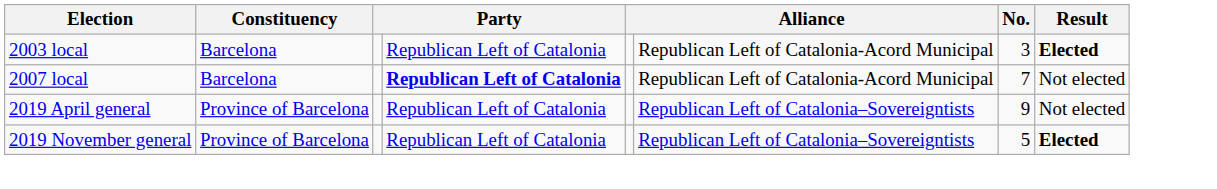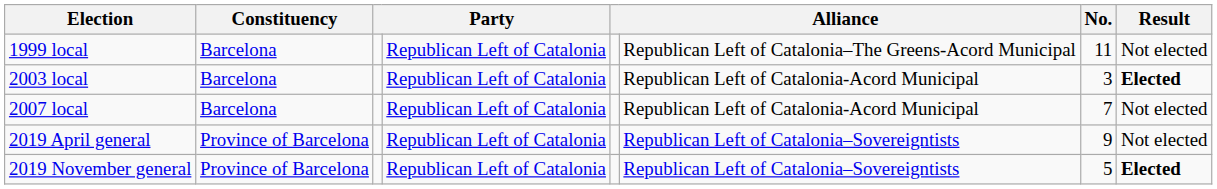 <table class="wikitable" style="text-align:left;">
 <tr>
 <th scope=col>Election</th>
 <th scope=col>Constituency</th>
 <th scope=col colspan="2">Party</th>
 <th scope=col colspan="2">Alliance</th>
 <th scope=col>No.</th>
 <th scope=col>Result</th>
+</tr>
+<tr>
+<td><a href='#'>1999 local</a></td>
+<td><a href='#'>Barcelona</a></td>
+<td style="background:"></td>
+<td><a href='#'>Republican Left of Catalonia</a></td>
+<td></td>
+<td>Republican Left of Catalonia–The Greens-Acord Municipal</td>
+<td align=right>11</td>
+<td>Not elected</td>
 </tr>
 <tr>
 <td><a href='#'>2003 local</a></td>
 <td><a href='#'>Barcelona</a></td>
 <td style="background:"></td>
 <td><a href='#'>Republican Left of Catalonia</a></td>
 <td></td>
 <td>Republican Left of Catalonia-Acord Municipal</td>
 <td align=right>3</td>
 <td><strong>Elected</strong></td>
 </tr>
 <tr>
 <td><a href='#'>2007 local</a></td>
 <td><a href='#'>Barcelona</a></td>
 <td style="background:"></td>
-<td><strong><a href='#'>Republican Left of Catalonia</a></strong></td>
+<td><a href='#'>Republican Left of Catalonia</a></td>
 <td></td>
 <td>Republican Left of Catalonia-Acord Municipal</td>
 <td align=right>7</td>
 <td>Not elected</td>
 </tr>
 <tr>
 <td><a href='#'>2019 April general</a></td>
 <td><a href='#'>Province of Barcelona</a></td>
 <td style="background:"></td>
 <td><a href='#'>Republican Left of Catalonia</a></td>
 <td style="background:"></td>
 <td><a href='#'>Republican Left of Catalonia–Sovereigntists</a></td>
 <td align=right>9</td>
 <td>Not elected</td>
 </tr>
 <tr>
 <td><a href='#'>2019 November general</a></td>
 <td><a href='#'>Province of Barcelona</a></td>
 <td style="background:"></td>
 <td><a href='#'>Republican Left of Catalonia</a></td>
 <td style="background:"></td>
 <td><a href='#'>Republican Left of Catalonia–Sovereigntists</a></td>
 <td align=right>5</td>
 <td><strong>Elected</strong></td>
 </tr>
 </table>
